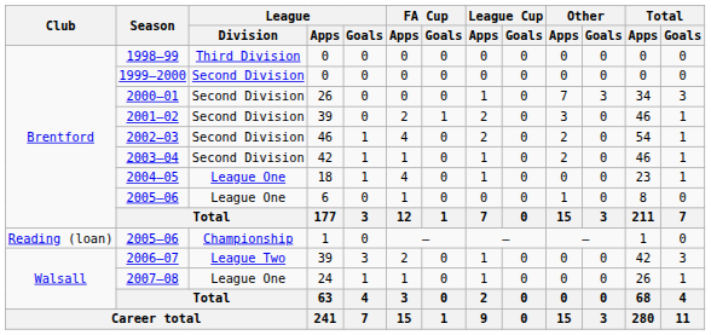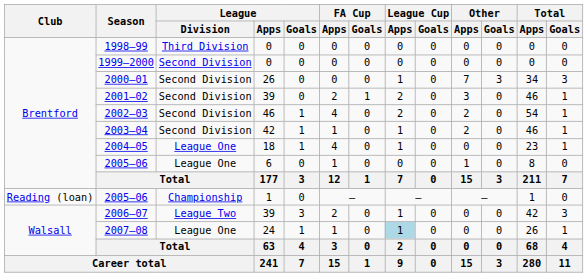 <table class="wikitable" style="text-align: center;">
 <tr>
 <th rowspan="2">Club</th>
 <th rowspan="2">Season</th>
 <th colspan="3">League</th>
 <th colspan="2">FA Cup</th>
 <th colspan="2">League Cup</th>
 <th colspan="2">Other</th>
 <th colspan="2">Total</th>
 </tr>
 <tr>
 <th>Division</th>
 <th>Apps</th>
 <th>Goals</th>
 <th>Apps</th>
 <th>Goals</th>
 <th>Apps</th>
 <th>Goals</th>
 <th>Apps</th>
 <th>Goals</th>
 <th>Apps</th>
 <th>Goals</th>
 </tr>
 <tr>
 <td rowspan="9"><a href='#'>Brentford</a></td>
 <td><a href='#'>1998–99</a></td>
 <td><a href='#'>Third Division</a></td>
 <td>0</td>
 <td>0</td>
 <td>0</td>
 <td>0</td>
 <td>0</td>
 <td>0</td>
 <td>0</td>
 <td>0</td>
 <td>0</td>
 <td>0</td>
 </tr>
 <tr>
 <td><a href='#'>1999–2000</a></td>
 <td><a href='#'>Second Division</a></td>
 <td>0</td>
 <td>0</td>
 <td>0</td>
 <td>0</td>
 <td>0</td>
 <td>0</td>
 <td>0</td>
 <td>0</td>
 <td>0</td>
 <td>0</td>
 </tr>
 <tr>
 <td><a href='#'>2000–01</a></td>
 <td>Second Division</td>
 <td>26</td>
 <td>0</td>
 <td>0</td>
 <td>0</td>
 <td>1</td>
 <td>0</td>
 <td>7</td>
 <td>3</td>
 <td>34</td>
 <td>3</td>
 </tr>
 <tr>
 <td><a href='#'>2001–02</a></td>
 <td>Second Division</td>
 <td>39</td>
 <td>0</td>
 <td>2</td>
 <td>1</td>
 <td>2</td>
 <td>0</td>
 <td>3</td>
 <td>0</td>
 <td>46</td>
 <td>1</td>
 </tr>
 <tr>
 <td><a href='#'>2002–03</a></td>
 <td>Second Division</td>
 <td>46</td>
 <td>1</td>
 <td>4</td>
 <td>0</td>
 <td>2</td>
 <td>0</td>
 <td>2</td>
 <td>0</td>
 <td>54</td>
 <td>1</td>
 </tr>
 <tr>
 <td><a href='#'>2003–04</a></td>
 <td>Second Division</td>
 <td>42</td>
 <td>1</td>
 <td>1</td>
 <td>0</td>
 <td>1</td>
 <td>0</td>
 <td>2</td>
 <td>0</td>
 <td>46</td>
 <td>1</td>
 </tr>
 <tr>
 <td><a href='#'>2004–05</a></td>
 <td><a href='#'>League One</a></td>
 <td>18</td>
 <td>1</td>
 <td>4</td>
 <td>0</td>
 <td>1</td>
 <td>0</td>
 <td>0</td>
 <td>0</td>
 <td>23</td>
 <td>1</td>
 </tr>
 <tr>
 <td><a href='#'>2005–06</a></td>
 <td>League One</td>
 <td>6</td>
 <td>0</td>
 <td>1</td>
 <td>0</td>
 <td>0</td>
 <td>0</td>
 <td>1</td>
 <td>0</td>
 <td>8</td>
 <td>0</td>
 </tr>
 <tr>
 <th colspan="2">Total</th>
 <th>177</th>
 <th>3</th>
 <th>12</th>
 <th>1</th>
 <th>7</th>
 <th>0</th>
 <th>15</th>
 <th>3</th>
 <th>211</th>
 <th>7</th>
 </tr>
 <tr>
 <td><a href='#'>Reading</a> (loan)</td>
 <td><a href='#'>2005–06</a></td>
 <td><a href='#'>Championship</a></td>
 <td>1</td>
 <td>0</td>
 <td colspan="2">—</td>
 <td colspan="2">—</td>
 <td colspan="2">—</td>
 <td>1</td>
 <td>0</td>
 </tr>
 <tr>
 <td rowspan="3"><a href='#'>Walsall</a></td>
 <td><a href='#'>2006–07</a></td>
 <td><a href='#'>League Two</a></td>
 <td>39</td>
 <td>3</td>
 <td>2</td>
 <td>0</td>
 <td>1</td>
 <td>0</td>
 <td>0</td>
 <td>0</td>
 <td>42</td>
 <td>3</td>
 </tr>
 <tr>
 <td><a href='#'>2007–08</a></td>
 <td>League One</td>
 <td>24</td>
 <td>1</td>
 <td>1</td>
 <td>0</td>
-<td>1</td>
+<td style="background: lightblue;">1</td>
 <td>0</td>
 <td>0</td>
 <td>0</td>
 <td>26</td>
 <td>1</td>
 </tr>
 <tr>
 <th colspan="2">Total</th>
 <th>63</th>
 <th>4</th>
 <th>3</th>
 <th>0</th>
 <th>2</th>
 <th>0</th>
 <th>0</th>
 <th>0</th>
 <th>68</th>
 <th>4</th>
 </tr>
 <tr>
 <th colspan="3">Career total</th>
 <th>241</th>
 <th>7</th>
 <th>15</th>
 <th>1</th>
 <th>9</th>
 <th>0</th>
 <th>15</th>
 <th>3</th>
 <th>280</th>
 <th>11</th>
 </tr>
 </table>
